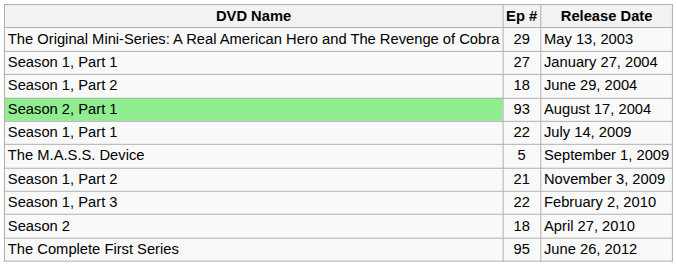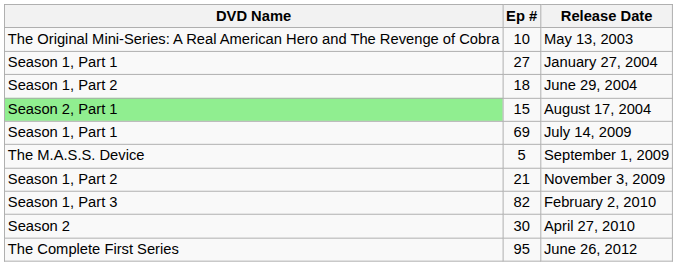 <table class="wikitable">
 <tr>
 <th>DVD Name</th>
 <th>Ep #</th>
 <th>Release Date</th>
 </tr>
 <tr>
 <td>The Original Mini-Series: A Real American Hero and The Revenge of Cobra</td>
-<td style="text-align:center;">29</td>
+<td style="text-align:center;">10</td>
 <td>May 13, 2003</td>
 </tr>
 <tr>
 <td>Season 1, Part 1</td>
 <td style="text-align:center;">27</td>
 <td>January 27, 2004</td>
 </tr>
 <tr>
 <td>Season 1, Part 2</td>
 <td style="text-align:center;">18</td>
 <td>June 29, 2004</td>
 </tr>
 <tr>
 <td style="background: lightgreen;">Season 2, Part 1</td>
-<td style="text-align:center;">93</td>
+<td style="text-align:center;">15</td>
 <td>August 17, 2004</td>
 </tr>
 <tr>
 <td>Season 1, Part 1</td>
-<td style="text-align:center;">22</td>
+<td style="text-align:center;">69</td>
 <td>July 14, 2009</td>
 </tr>
 <tr>
 <td>The M.A.S.S. Device</td>
 <td style="text-align:center;">5</td>
 <td>September 1, 2009</td>
 </tr>
 <tr>
 <td>Season 1, Part 2</td>
 <td style="text-align:center;">21</td>
 <td>November 3, 2009</td>
 </tr>
 <tr>
 <td>Season 1, Part 3</td>
-<td style="text-align:center;">22</td>
+<td style="text-align:center;">82</td>
 <td>February 2, 2010</td>
 </tr>
 <tr>
 <td>Season 2</td>
-<td style="text-align:center;">18</td>
+<td style="text-align:center;">30</td>
 <td>April 27, 2010</td>
 </tr>
 <tr>
 <td>The Complete First Series</td>
 <td style="text-align:center;">95</td>
 <td>June 26, 2012</td>
 </tr>
 </table>
